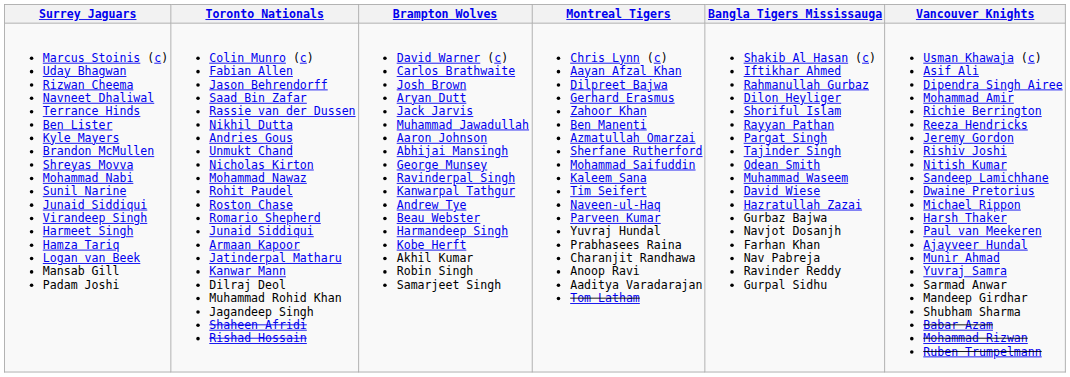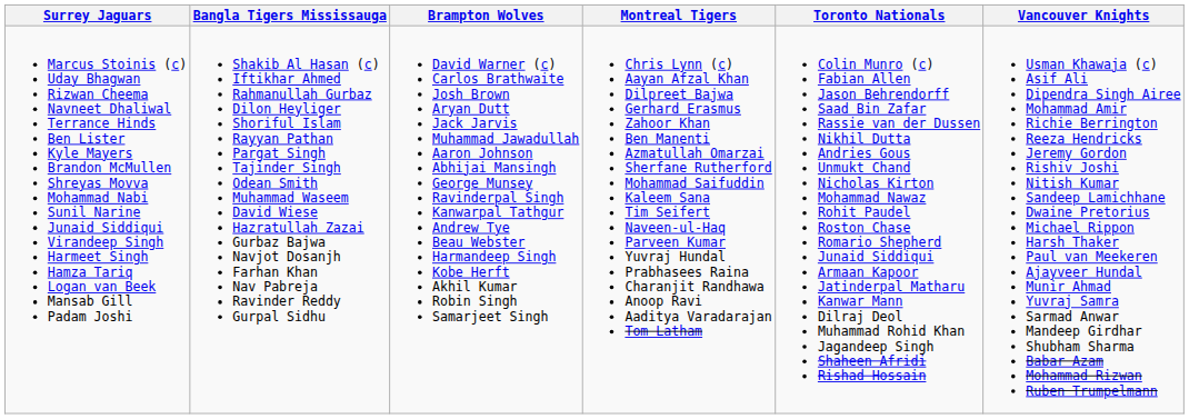 <table class="wikitable">
 <tr>
 <th><a href='#'>Surrey Jaguars</a></th>
-<th><a href='#'>Toronto Nationals</a></th>
+<th><a href='#'>Bangla Tigers Mississauga</a></th>
 <th><a href='#'>Brampton Wolves</a></th>
 <th><a href='#'>Montreal Tigers</a></th>
-<th><a href='#'>Bangla Tigers Mississauga</a></th>
+<th><a href='#'>Toronto Nationals</a></th>
 <th><a href='#'>Vancouver Knights</a></th>
 </tr>
 <tr>
 <td valign=top><br><ul><li><a href='#'>Marcus Stoinis</a> (<a href='#'>c</a>)</li><li><a href='#'>Uday Bhagwan</a></li><li><a href='#'>Rizwan Cheema</a></li><li><a href='#'>Navneet Dhaliwal</a></li><li><a href='#'>Terrance Hinds</a></li><li><a href='#'>Ben Lister</a></li><li><a href='#'>Kyle Mayers</a></li><li><a href='#'>Brandon McMullen</a></li><li><a href='#'>Shreyas Movva</a></li><li><a href='#'>Mohammad Nabi</a></li><li><a href='#'>Sunil Narine</a></li><li><a href='#'>Junaid Siddiqui</a></li><li><a href='#'>Virandeep Singh</a></li><li><a href='#'>Harmeet Singh</a></li><li><a href='#'>Hamza Tariq</a></li><li><a href='#'>Logan van Beek</a></li><li>Mansab Gill</li><li>Padam Joshi</li></ul></td>
-<td valign=top><br><ul><li><a href='#'>Colin Munro</a> (<a href='#'>c</a>)</li><li><a href='#'>Fabian Allen</a></li><li><a href='#'>Jason Behrendorff</a></li><li><a href='#'>Saad Bin Zafar</a></li><li><a href='#'>Rassie van der Dussen</a></li><li><a href='#'>Nikhil Dutta</a></li><li><a href='#'>Andries Gous</a></li><li><a href='#'>Unmukt Chand</a></li><li><a href='#'>Nicholas Kirton</a></li><li><a href='#'>Mohammad Nawaz</a></li><li><a href='#'>Rohit Paudel</a></li><li><a href='#'>Roston Chase</a></li><li><a href='#'>Romario Shepherd</a></li><li><a href='#'>Junaid Siddiqui</a></li><li><a href='#'>Armaan Kapoor</a></li><li><a href='#'>Jatinderpal Matharu</a></li><li><a href='#'>Kanwar Mann</a></li><li>Dilraj Deol</li><li>Muhammad Rohid Khan</li><li>Jagandeep Singh</li><li><a href='#'><s>Shaheen Afridi</s></a></li><li><a href='#'><s>Rishad Hossain</s></a></li></ul></td>
+<td valign=top><br><ul><li><a href='#'>Shakib Al Hasan</a> (<a href='#'>c</a>)</li><li><a href='#'>Iftikhar Ahmed</a></li><li><a href='#'>Rahmanullah Gurbaz</a></li><li><a href='#'>Dilon Heyliger</a></li><li><a href='#'>Shoriful Islam</a></li><li><a href='#'>Rayyan Pathan</a></li><li><a href='#'>Pargat Singh</a></li><li><a href='#'>Tajinder Singh</a></li><li><a href='#'>Odean Smith</a></li><li><a href='#'>Muhammad Waseem</a></li><li><a href='#'>David Wiese</a></li><li><a href='#'>Hazratullah Zazai</a></li><li>Gurbaz Bajwa</li><li>Navjot Dosanjh</li><li>Farhan Khan</li><li>Nav Pabreja</li><li>Ravinder Reddy</li><li>Gurpal Sidhu</li></ul></td>
 <td valign=top><br><ul><li><a href='#'>David Warner</a>  (<a href='#'>c</a>)</li><li><a href='#'>Carlos Brathwaite</a></li><li><a href='#'>Josh Brown</a></li><li><a href='#'>Aryan Dutt</a></li><li><a href='#'>Jack Jarvis</a></li><li><a href='#'>Muhammad Jawadullah</a></li><li><a href='#'>Aaron Johnson</a></li><li><a href='#'>Abhijai Mansingh</a></li><li><a href='#'>George Munsey</a></li><li><a href='#'>Ravinderpal Singh</a></li><li><a href='#'>Kanwarpal Tathgur</a></li><li><a href='#'>Andrew Tye</a></li><li><a href='#'>Beau Webster</a></li><li><a href='#'>Harmandeep Singh</a></li><li><a href='#'>Kobe Herft</a></li><li>Akhil Kumar</li><li>Robin Singh</li><li>Samarjeet Singh</li></ul></td>
 <td valign=top><br><ul><li><a href='#'>Chris Lynn</a> (<a href='#'>c</a>)</li><li><a href='#'>Aayan Afzal Khan</a></li><li><a href='#'>Dilpreet Bajwa</a></li><li><a href='#'>Gerhard Erasmus</a></li><li><a href='#'>Zahoor Khan</a></li><li><a href='#'>Ben Manenti</a></li><li><a href='#'>Azmatullah Omarzai</a></li><li><a href='#'>Sherfane Rutherford</a></li><li><a href='#'>Mohammad Saifuddin</a></li><li><a href='#'>Kaleem Sana</a></li><li><a href='#'>Tim Seifert</a></li><li><a href='#'>Naveen-ul-Haq</a></li><li><a href='#'>Parveen Kumar</a></li><li>Yuvraj Hundal</li><li>Prabhasees Raina</li><li>Charanjit Randhawa</li><li>Anoop Ravi</li><li>Aaditya Varadarajan</li><li><s><a href='#'>Tom Latham</a></s></li></ul></td>
-<td valign=top><br><ul><li><a href='#'>Shakib Al Hasan</a> (<a href='#'>c</a>)</li><li><a href='#'>Iftikhar Ahmed</a></li><li><a href='#'>Rahmanullah Gurbaz</a></li><li><a href='#'>Dilon Heyliger</a></li><li><a href='#'>Shoriful Islam</a></li><li><a href='#'>Rayyan Pathan</a></li><li><a href='#'>Pargat Singh</a></li><li><a href='#'>Tajinder Singh</a></li><li><a href='#'>Odean Smith</a></li><li><a href='#'>Muhammad Waseem</a></li><li><a href='#'>David Wiese</a></li><li><a href='#'>Hazratullah Zazai</a></li><li>Gurbaz Bajwa</li><li>Navjot Dosanjh</li><li>Farhan Khan</li><li>Nav Pabreja</li><li>Ravinder Reddy</li><li>Gurpal Sidhu</li></ul></td>
+<td valign=top><br><ul><li><a href='#'>Colin Munro</a> (<a href='#'>c</a>)</li><li><a href='#'>Fabian Allen</a></li><li><a href='#'>Jason Behrendorff</a></li><li><a href='#'>Saad Bin Zafar</a></li><li><a href='#'>Rassie van der Dussen</a></li><li><a href='#'>Nikhil Dutta</a></li><li><a href='#'>Andries Gous</a></li><li><a href='#'>Unmukt Chand</a></li><li><a href='#'>Nicholas Kirton</a></li><li><a href='#'>Mohammad Nawaz</a></li><li><a href='#'>Rohit Paudel</a></li><li><a href='#'>Roston Chase</a></li><li><a href='#'>Romario Shepherd</a></li><li><a href='#'>Junaid Siddiqui</a></li><li><a href='#'>Armaan Kapoor</a></li><li><a href='#'>Jatinderpal Matharu</a></li><li><a href='#'>Kanwar Mann</a></li><li>Dilraj Deol</li><li>Muhammad Rohid Khan</li><li>Jagandeep Singh</li><li><a href='#'><s>Shaheen Afridi</s></a></li><li><a href='#'><s>Rishad Hossain</s></a></li></ul></td>
 <td valign=top><br><ul><li><a href='#'>Usman Khawaja</a> (<a href='#'>c</a>)</li><li><a href='#'>Asif Ali</a></li><li><a href='#'>Dipendra Singh Airee</a></li><li><a href='#'>Mohammad Amir</a></li><li><a href='#'>Richie Berrington</a></li><li><a href='#'>Reeza Hendricks</a></li><li><a href='#'>Jeremy Gordon</a></li><li><a href='#'>Rishiv Joshi</a></li><li><a href='#'>Nitish Kumar</a></li><li><a href='#'>Sandeep Lamichhane</a></li><li><a href='#'>Dwaine Pretorius</a></li><li><a href='#'>Michael Rippon</a></li><li><a href='#'>Harsh Thaker</a></li><li><a href='#'>Paul van Meekeren</a></li><li><a href='#'>Ajayveer Hundal</a></li><li><a href='#'>Munir Ahmad</a></li><li><a href='#'>Yuvraj Samra</a></li><li>Sarmad Anwar</li><li>Mandeep Girdhar</li><li>Shubham Sharma</li><li><s><a href='#'>Babar Azam</a></s></li><li><s><a href='#'>Mohammad Rizwan</a></s></li><li><s><a href='#'>Ruben Trumpelmann</a></s></li></ul></td>
 </tr>
 </table>
